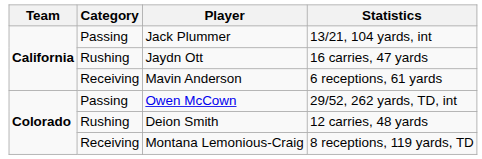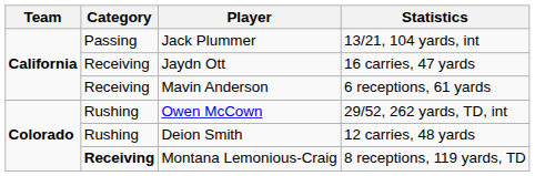 <table class="wikitable" style="float: right;">
 <tr>
 <th>Team</th>
 <th>Category</th>
 <th>Player</th>
 <th>Statistics</th>
 </tr>
 <tr>
 <td rowspan=3><strong>California</strong></td>
 <td>Passing</td>
 <td>Jack Plummer</td>
 <td>13/21, 104 yards, int</td>
 </tr>
 <tr>
-<td>Rushing</td>
+<td>Receiving</td>
 <td>Jaydn Ott</td>
 <td>16 carries, 47 yards</td>
 </tr>
 <tr>
 <td>Receiving</td>
 <td>Mavin Anderson</td>
 <td>6 receptions, 61 yards</td>
 </tr>
 <tr>
 <td rowspan=3><strong>Colorado</strong></td>
-<td>Passing</td>
+<td>Rushing</td>
 <td><a href='#'>Owen McCown</a></td>
 <td>29/52, 262 yards, TD, int</td>
 </tr>
 <tr>
 <td>Rushing</td>
 <td>Deion Smith</td>
 <td>12 carries, 48 yards</td>
 </tr>
 <tr>
-<td>Receiving</td>
+<td><strong>Receiving</strong></td>
 <td>Montana Lemonious-Craig</td>
 <td>8 receptions, 119 yards, TD</td>
 </tr>
 </table>
